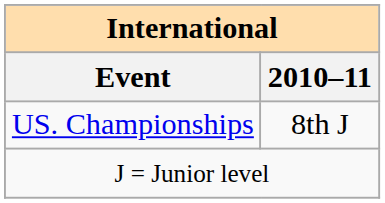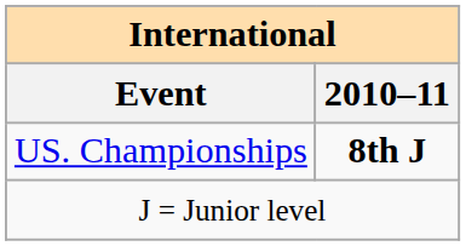 <table class="wikitable" style="text-align:center">
 <tr>
 <th style="background-color: #ffdead; " colspan=4 align=center>International</th>
 </tr>
 <tr>
 <th>Event</th>
 <th>2010–11</th>
 </tr>
 <tr>
 <td align=left><a href='#'>US. Championships</a></td>
-<td>8th J</td>
+<td><strong>8th J</strong></td>
 </tr>
 <tr>
 <td colspan=2 align=center><small> J = Junior level </small></td>
 </tr>
 </table>
